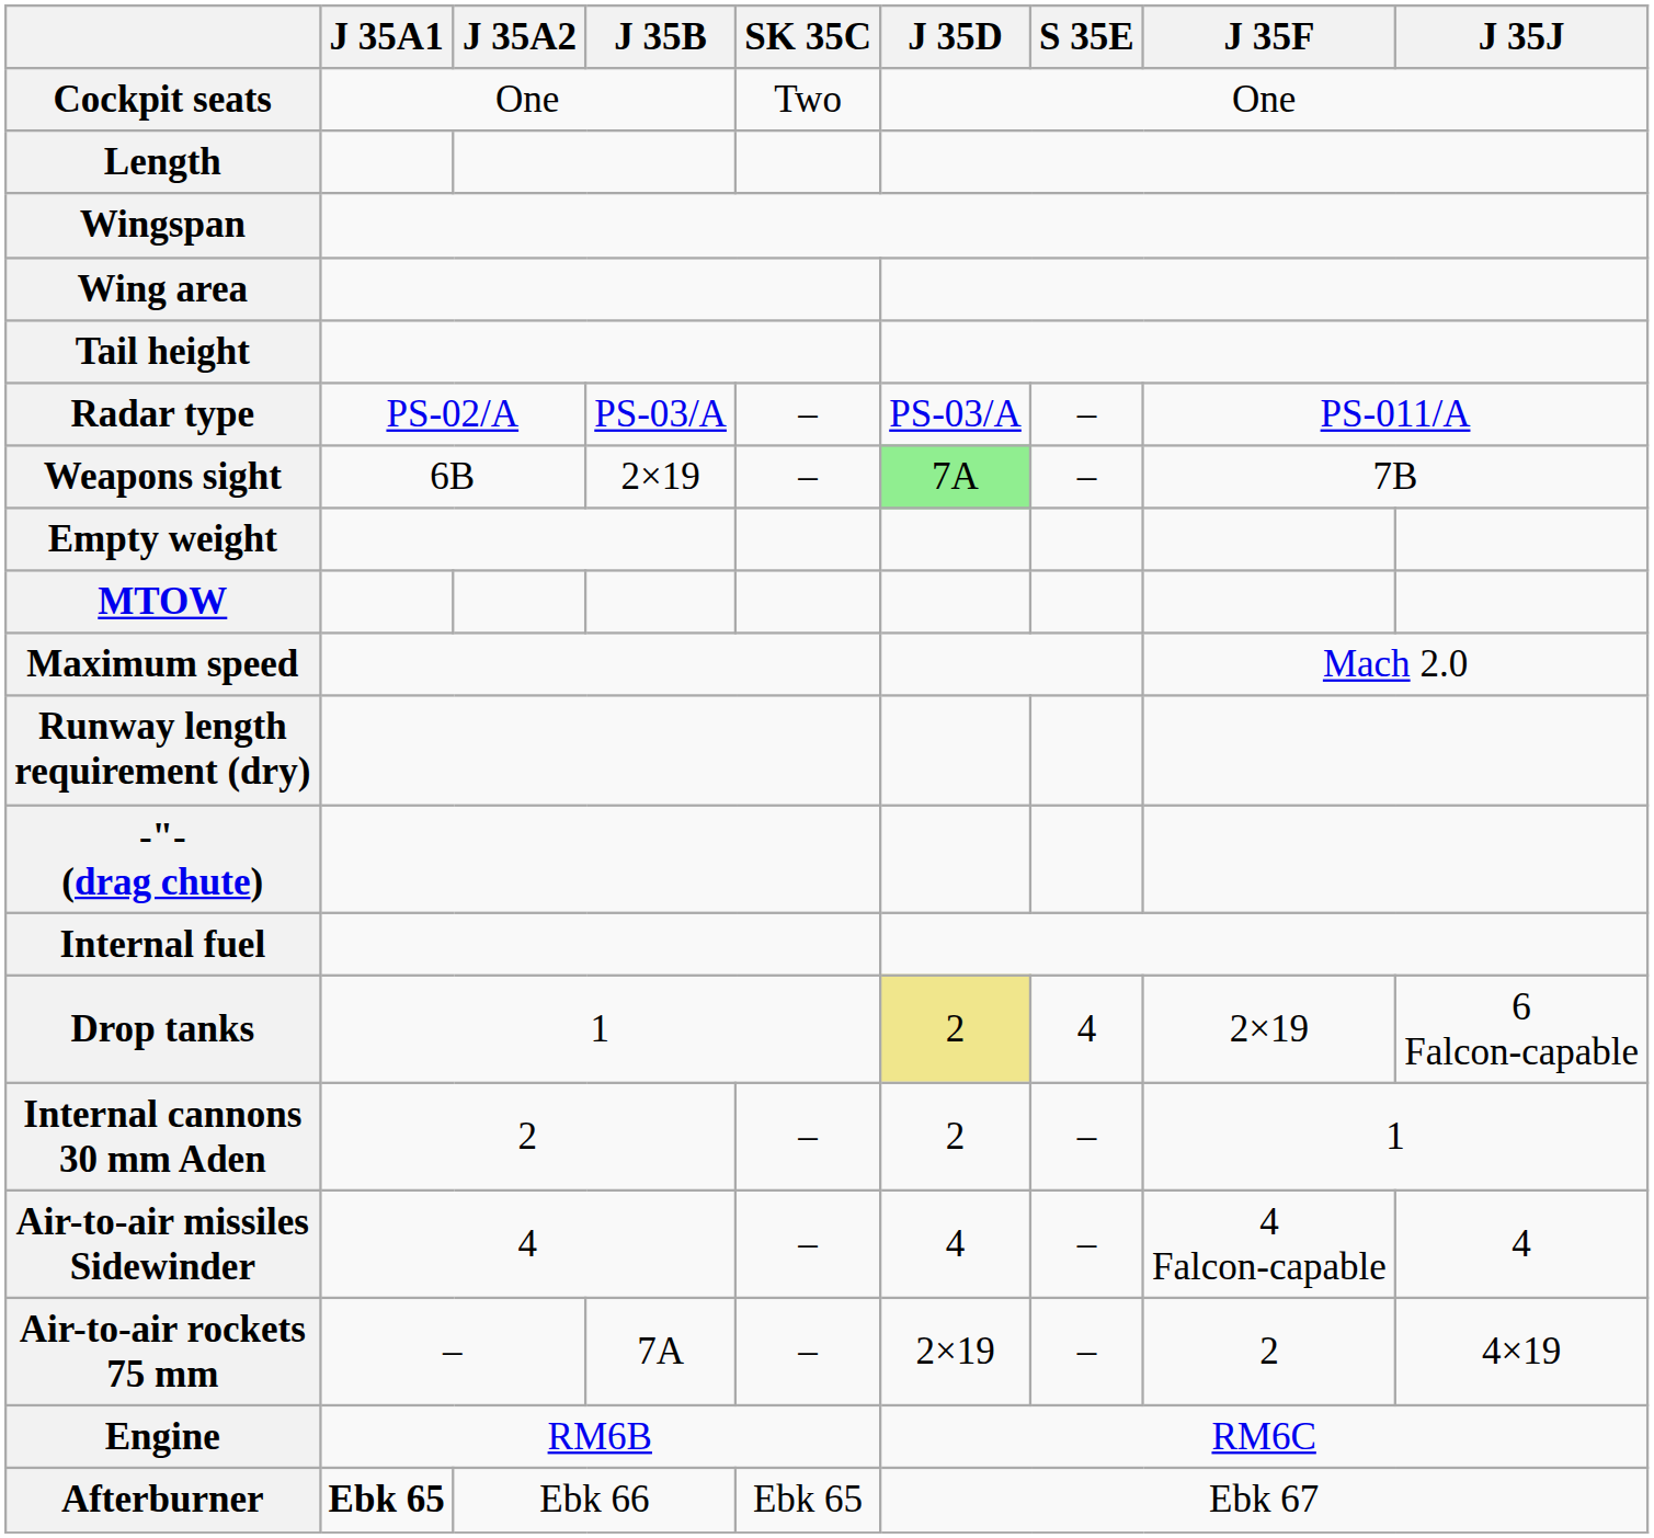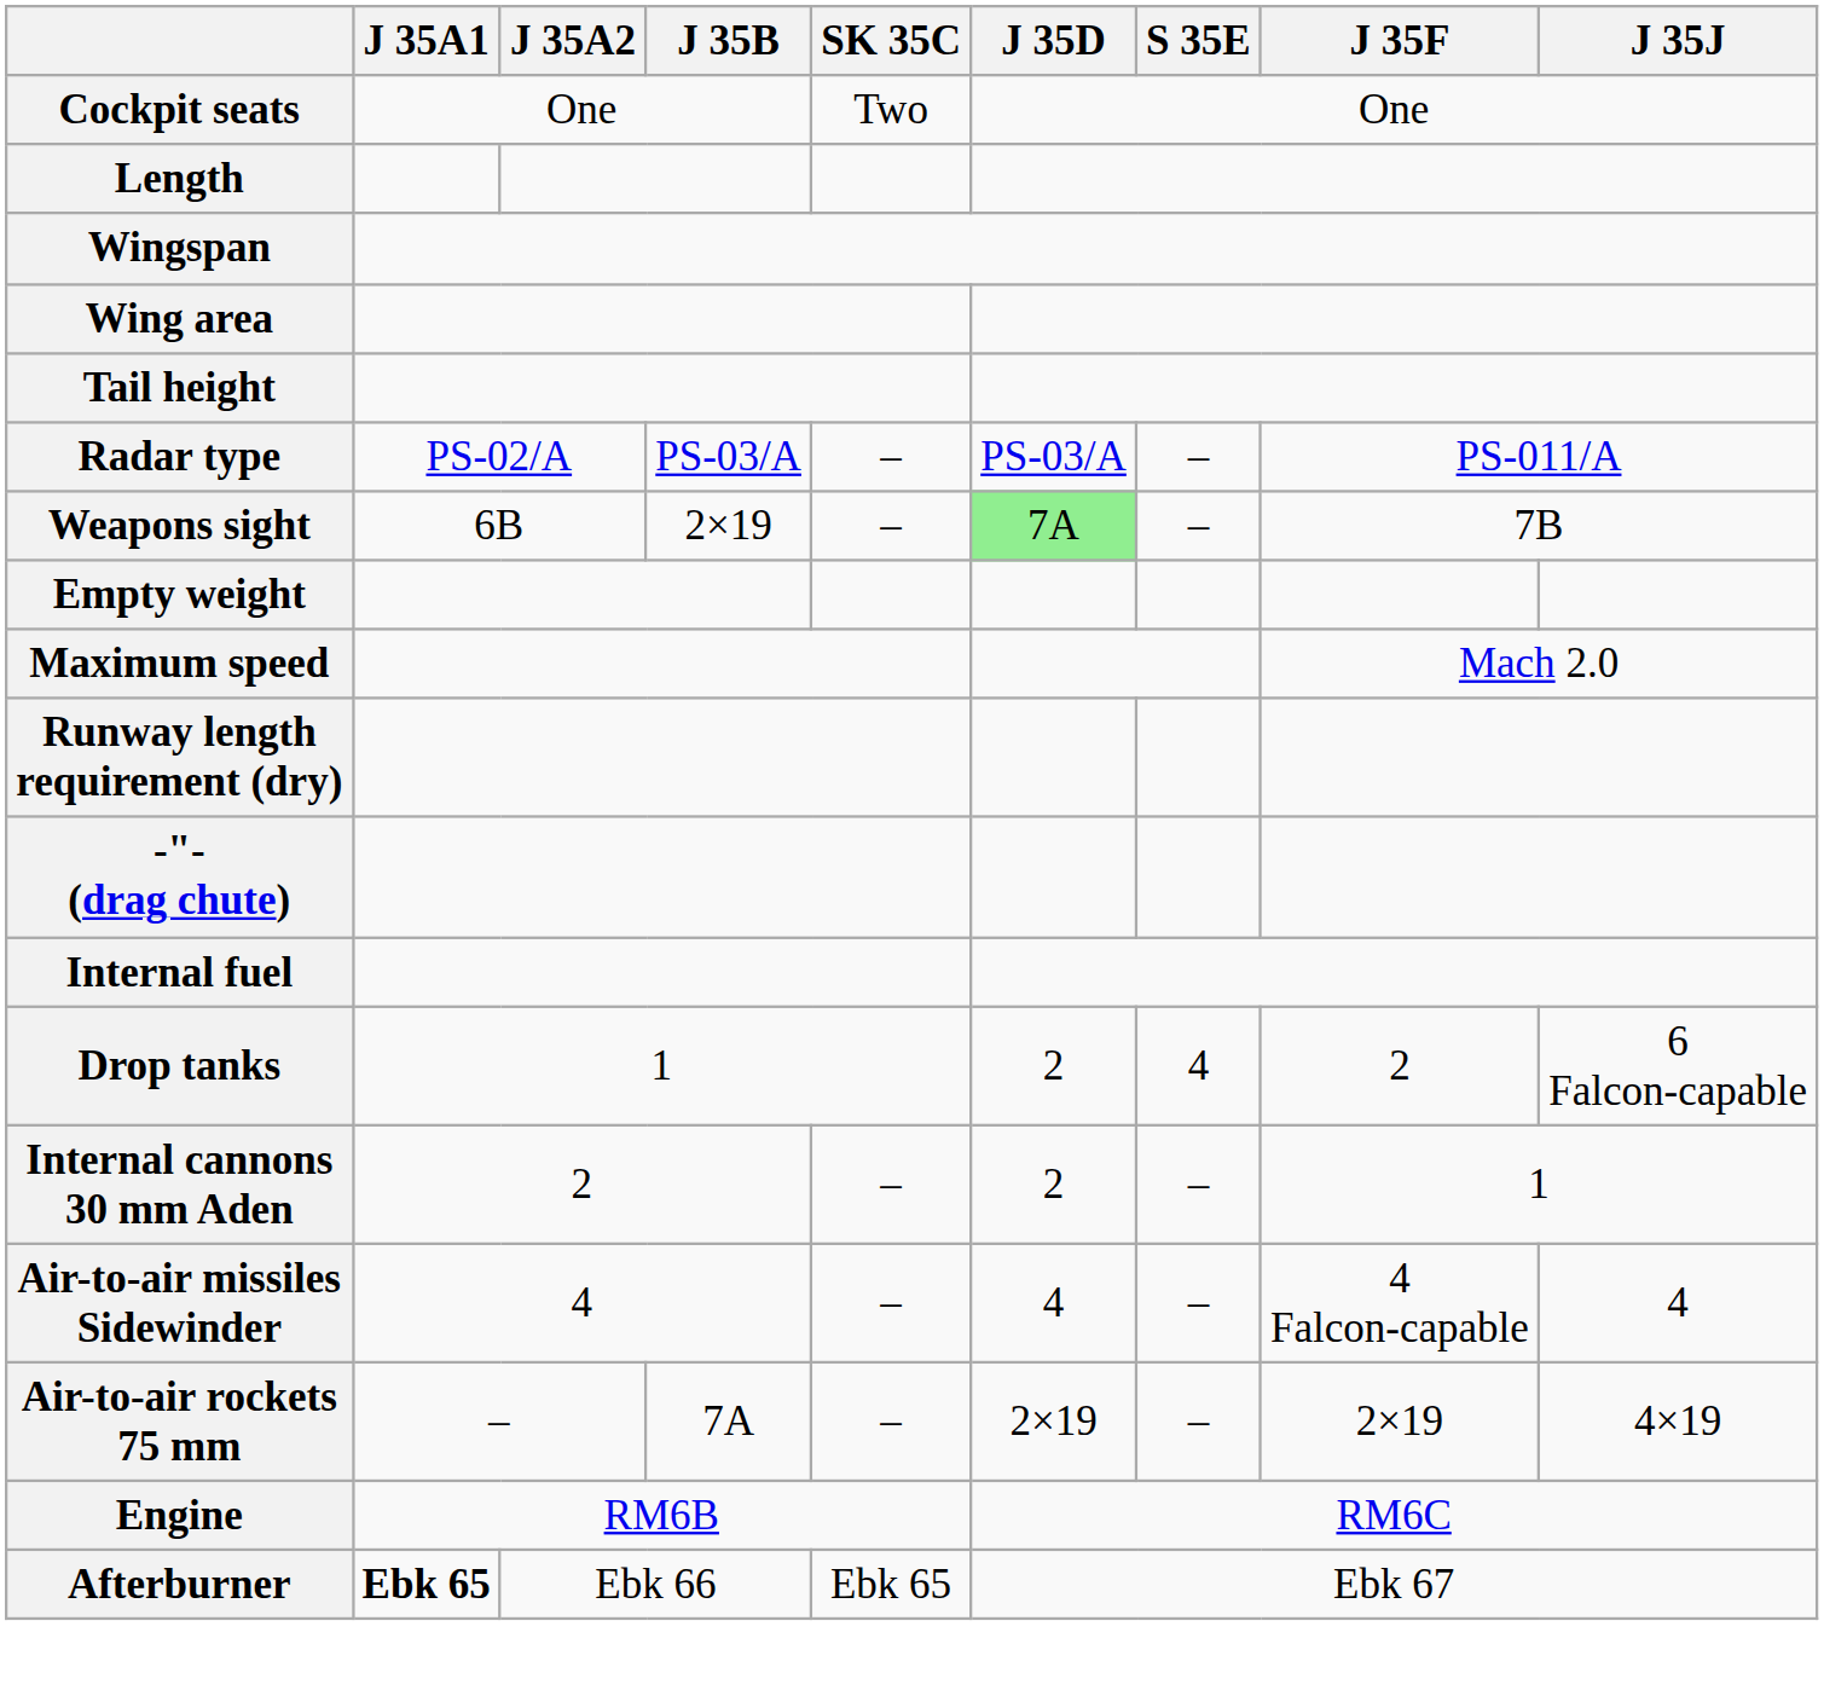 <table class="wikitable" style="text-align:center; font-size:96%; border-collapse:collapse;">
 <tr>
 <th></th>
 <th>J 35A1</th>
 <th>J 35A2</th>
 <th>J 35B</th>
 <th>SK 35C</th>
 <th>J 35D</th>
 <th>S 35E</th>
 <th>J 35F</th>
 <th>J 35J</th>
 </tr>
 <tr>
 <th>Cockpit seats</th>
 <td colspan=3>One</td>
 <td>Two</td>
 <td colspan=4>One</td>
 </tr>
 <tr>
 <th>Length</th>
 <td></td>
 <td colspan=2></td>
 <td></td>
 <td colspan=4></td>
 </tr>
 <tr>
 <th>Wingspan</th>
 <td colspan=8></td>
 </tr>
 <tr>
 <th>Wing area</th>
 <td colspan=4></td>
 </tr>
 <tr>
 <th>Tail height</th>
 <td colspan=4></td>
 <td colspan=4></td>
 </tr>
 <tr>
 <th>Radar type</th>
 <td colspan=2><a href='#'>PS-02/A</a></td>
 <td><a href='#'>PS-03/A</a></td>
 <td>–</td>
 <td><a href='#'>PS-03/A</a></td>
 <td>–</td>
 <td colspan=2><a href='#'>PS-011/A</a></td>
 </tr>
 <tr>
 <th>Weapons sight</th>
 <td colspan=2>6B</td>
 <td>2×19</td>
 <td>–</td>
 <td style="background: lightgreen;">7A</td>
 <td>–</td>
 <td colspan=2>7B</td>
 </tr>
 <tr>
 <th>Empty weight</th>
 <td colspan=3></td>
 <td></td>
 <td></td>
 <td></td>
 <td></td>
 <td></td>
 </tr>
 <tr>
-<th><a href='#'>MTOW</a></th>
-<td></td>
-<td></td>
-<td></td>
-<td></td>
-<td></td>
-<td></td>
-<td></td>
-<td></td>
-</tr>
-<tr>
 <th>Maximum speed</th>
 <td colspan=4></td>
 <td colspan=2></td>
 <td colspan=2><a href='#'>Mach</a> 2.0</td>
 </tr>
 <tr>
 <th>Runway length<br>requirement (dry)</th>
 <td colspan=4></td>
 <td></td>
 <td></td>
 <td colspan=2></td>
 </tr>
 <tr>
 <th>-"-<br>(<a href='#'>drag chute</a>)</th>
 <td colspan=4></td>
 <td></td>
 <td></td>
 <td colspan=2></td>
 </tr>
 <tr>
 <th>Internal fuel</th>
 <td colspan=4></td>
 <td colspan=4></td>
 </tr>
 <tr>
 <th>Drop tanks<br></th>
 <td colspan=4>1</td>
-<td style="background: khaki;">2</td>
+<td>2</td>
 <td>4</td>
-<td>2×19</td>
+<td>2</td>
 <td>6<br>Falcon-capable</td>
 </tr>
 <tr>
 <th>Internal cannons<br>30 mm Aden</th>
 <td colspan=3>2</td>
 <td>–</td>
 <td>2</td>
 <td>–</td>
 <td colspan=2>1</td>
 </tr>
 <tr>
 <th>Air-to-air missiles<br>Sidewinder</th>
 <td colspan=3>4</td>
 <td>–</td>
 <td>4</td>
 <td>–</td>
 <td>4<br>Falcon-capable</td>
 <td>4</td>
 </tr>
 <tr>
 <th>Air-to-air rockets<br>75 mm</th>
 <td colspan=2>–</td>
 <td>7A</td>
 <td>–</td>
 <td>2×19</td>
 <td>–</td>
-<td>2</td>
+<td>2×19</td>
 <td>4×19</td>
 </tr>
 <tr>
 <th>Engine</th>
 <td colspan=4><a href='#'>RM6B</a></td>
 <td colspan=4><a href='#'>RM6C</a></td>
 </tr>
 <tr>
 <th>Afterburner</th>
 <td><strong>Ebk 65</strong></td>
 <td colspan=2>Ebk 66</td>
 <td>Ebk 65</td>
 <td colspan=4>Ebk 67</td>
 </tr>
 </table>
